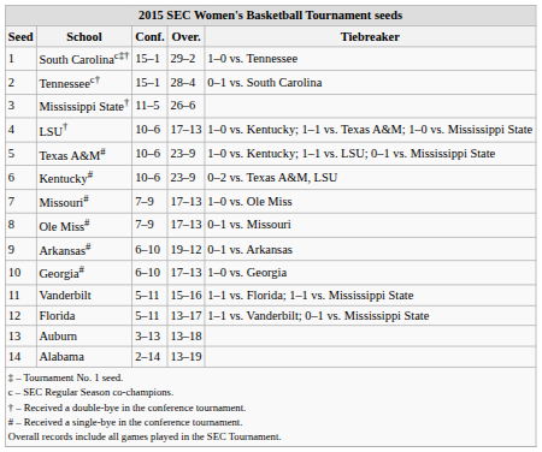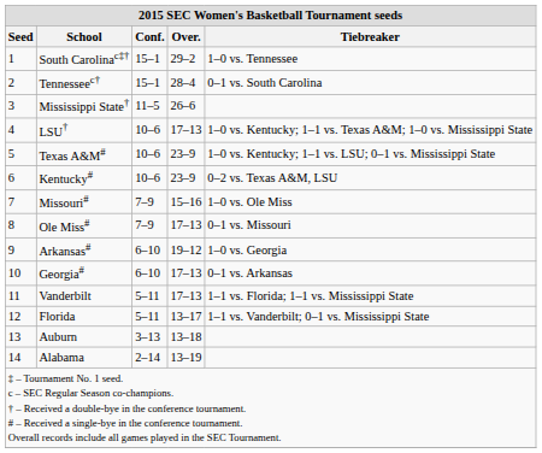 <table class="wikitable" style="white-space:nowrap; font-size:90%;">
 <tr>
 <td colspan="10" style="text-align:center; background:#DDDDDD; font:#000000"><strong>2015 SEC Women's Basketball Tournament seeds</strong></td>
 </tr>
 <tr bgcolor="#efefef">
 <th>Seed</th>
 <th>School</th>
 <th>Conf.</th>
 <th>Over.</th>
 <th>Tiebreaker</th>
 </tr>
 <tr>
 <td>1</td>
 <td>South Carolina<sup>c‡†</sup></td>
 <td>15–1</td>
 <td>29–2</td>
 <td>1–0 vs. Tennessee</td>
 </tr>
 <tr>
 <td>2</td>
 <td>Tennessee<sup>c†</sup></td>
 <td>15–1</td>
 <td>28–4</td>
 <td>0–1 vs. South Carolina</td>
 </tr>
 <tr>
 <td>3</td>
 <td>Mississippi State<sup>†</sup></td>
 <td>11–5</td>
 <td>26–6</td>
 <td></td>
 </tr>
 <tr>
 <td>4</td>
 <td>LSU<sup>†</sup></td>
 <td>10–6</td>
 <td>17–13</td>
 <td>1–0 vs. Kentucky; 1–1 vs. Texas A&M; 1–0 vs. Mississippi State</td>
 </tr>
 <tr>
 <td>5</td>
 <td>Texas A&M<sup>#</sup></td>
 <td>10–6</td>
 <td>23–9</td>
 <td>1–0 vs. Kentucky; 1–1 vs. LSU; 0–1 vs. Mississippi State</td>
 </tr>
 <tr>
 <td>6</td>
 <td>Kentucky<sup>#</sup></td>
 <td>10–6</td>
 <td>23–9</td>
 <td>0–2 vs. Texas A&M, LSU</td>
 </tr>
 <tr>
 <td>7</td>
 <td>Missouri<sup>#</sup></td>
 <td>7–9</td>
-<td>17–13</td>
+<td>15–16</td>
 <td>1–0 vs. Ole Miss</td>
 </tr>
 <tr>
 <td>8</td>
 <td>Ole Miss<sup>#</sup></td>
 <td>7–9</td>
 <td>17–13</td>
 <td>0–1 vs. Missouri</td>
 </tr>
 <tr>
 <td>9</td>
 <td>Arkansas<sup>#</sup></td>
 <td>6–10</td>
 <td>19–12</td>
-<td>0–1 vs. Arkansas</td>
+<td>1–0 vs. Georgia</td>
 </tr>
 <tr>
 <td>10</td>
 <td>Georgia<sup>#</sup></td>
 <td>6–10</td>
 <td>17–13</td>
-<td>1–0 vs. Georgia</td>
+<td>0–1 vs. Arkansas</td>
 </tr>
 <tr>
 <td>11</td>
 <td>Vanderbilt</td>
 <td>5–11</td>
-<td>15–16</td>
+<td>17–13</td>
 <td>1–1 vs. Florida; 1–1 vs. Mississippi State</td>
 </tr>
 <tr>
 <td>12</td>
 <td>Florida</td>
 <td>5–11</td>
 <td>13–17</td>
 <td>1–1 vs. Vanderbilt; 0–1 vs. Mississippi State</td>
 </tr>
 <tr>
 <td>13</td>
 <td>Auburn</td>
 <td>3–13</td>
 <td>13–18</td>
 <td></td>
 </tr>
 <tr>
 <td>14</td>
 <td>Alabama</td>
 <td>2–14</td>
 <td>13–19</td>
 <td></td>
 </tr>
 <tr>
 <td colspan="10" style="text-align:left;"><small>‡ – Tournament No. 1 seed.<br>c – SEC Regular Season co-champions.<br>† – Received a double-bye in the conference tournament.<br># – Received a single-bye in the conference tournament.<br>Overall records include all games played in the SEC Tournament.</small></td>
 </tr>
 <tr>
 </tr>
 </table>
